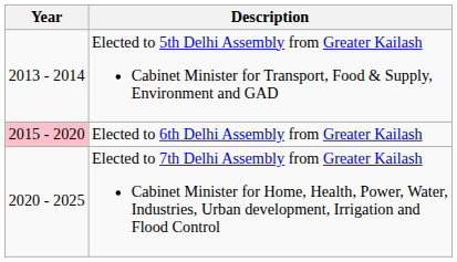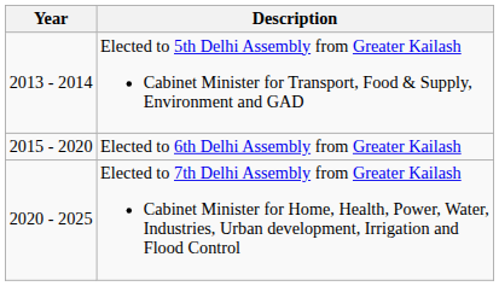 <table class="wikitable">
 <tr>
 <th>Year</th>
 <th>Description</th>
 </tr>
 <tr>
 <td>2013 - 2014</td>
 <td>Elected to <a href='#'>5th Delhi Assembly</a> from <a href='#'>Greater Kailash</a><br><ul><li>Cabinet Minister for Transport, Food & Supply,<br> Environment and GAD </li></ul></td>
 </tr>
 <tr>
-<td style="background: pink;">2015 - 2020</td>
+<td>2015 - 2020</td>
 <td>Elected to <a href='#'>6th Delhi Assembly</a> from <a href='#'>Greater Kailash</a></td>
 </tr>
 <tr>
 <td>2020 - 2025</td>
 <td>Elected to <a href='#'>7th Delhi Assembly</a> from <a href='#'>Greater Kailash</a><br><ul><li>Cabinet Minister for Home, Health, Power, Water, <br> Industries, Urban development, Irrigation and <br> Flood Control </li></ul></td>
 </tr>
 </table>
